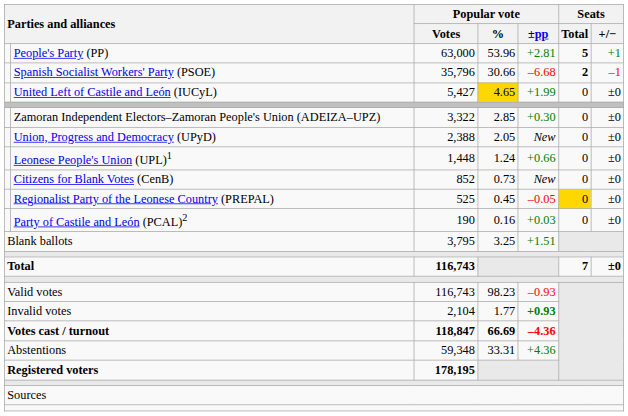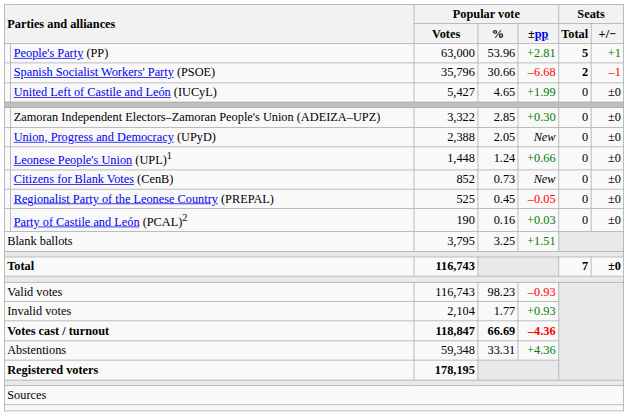 <table class="wikitable" style="text-align:right;">
 <tr>
 <th style="text-align:left;" rowspan="2" colspan="2" width="525">Parties and alliances</th>
 <th colspan="3">Popular vote</th>
 <th colspan="2">Seats</th>
 </tr>
 <tr>
 <th width="75">Votes</th>
 <th width="45">%</th>
 <th width="45">±<a href='#'>pp</a></th>
 <th width="35">Total</th>
 <th width="35">+/−</th>
 </tr>
 <tr>
 <td width="1" style="color:inherit;background:"></td>
 <td align="left"><a href='#'>People's Party</a> (PP)</td>
 <td>63,000</td>
 <td>53.96</td>
 <td style="color:green;">+2.81</td>
 <td><strong>5</strong></td>
 <td style="color:green;">+1</td>
 </tr>
 <tr>
 <td style="color:inherit;background:"></td>
 <td align="left"><a href='#'>Spanish Socialist Workers' Party</a> (PSOE)</td>
 <td>35,796</td>
 <td>30.66</td>
 <td style="color:red;">–6.68</td>
 <td><strong>2</strong></td>
 <td style="color:red;">–1</td>
 </tr>
 <tr>
 <td style="color:inherit;background:"></td>
 <td align="left"><a href='#'>United Left of Castile and León</a> (IUCyL)</td>
 <td>5,427</td>
-<td style="background: gold;">4.65</td>
+<td>4.65</td>
 <td style="color:green;">+1.99</td>
 <td>0</td>
 <td>±0</td>
 </tr>
 <tr>
 <td colspan="7" bgcolor="#C0C0C0"></td>
 </tr>
 <tr>
 <td style="color:inherit;background:"></td>
 <td align="left">Zamoran Independent Electors–Zamoran People's Union (ADEIZA–UPZ)</td>
 <td>3,322</td>
 <td>2.85</td>
 <td style="color:green;">+0.30</td>
 <td>0</td>
 <td>±0</td>
 </tr>
 <tr>
 <td style="color:inherit;background:"></td>
 <td align="left"><a href='#'>Union, Progress and Democracy</a> (UPyD)</td>
 <td>2,388</td>
 <td>2.05</td>
 <td><em>New</em></td>
 <td>0</td>
 <td>±0</td>
 </tr>
 <tr>
 <td style="color:inherit;background:"></td>
 <td align="left"><a href='#'>Leonese People's Union</a> (UPL)<sup>1</sup></td>
 <td>1,448</td>
 <td>1.24</td>
 <td style="color:green;">+0.66</td>
 <td>0</td>
 <td>±0</td>
 </tr>
 <tr>
 <td style="color:inherit;background:"></td>
 <td align="left"><a href='#'>Citizens for Blank Votes</a> (CenB)</td>
 <td>852</td>
 <td>0.73</td>
 <td><em>New</em></td>
 <td>0</td>
 <td>±0</td>
 </tr>
 <tr>
 <td style="color:inherit;background:"></td>
 <td align="left"><a href='#'>Regionalist Party of the Leonese Country</a> (PREPAL)</td>
 <td>525</td>
 <td>0.45</td>
 <td style="color:red;">–0.05</td>
-<td style="background: gold;">0</td>
+<td>0</td>
 <td>±0</td>
 </tr>
 <tr>
 <td style="color:inherit;background:"></td>
 <td align="left"><a href='#'>Party of Castile and León</a> (PCAL)<sup>2</sup></td>
 <td>190</td>
 <td>0.16</td>
 <td style="color:green;">+0.03</td>
 <td>0</td>
 <td>±0</td>
 </tr>
 <tr>
 <td align="left" colspan="2">Blank ballots</td>
 <td>3,795</td>
 <td>3.25</td>
 <td style="color:green;">+1.51</td>
 <td bgcolor="#E9E9E9" colspan="2"></td>
 </tr>
 <tr>
 <td colspan="7" bgcolor="#E9E9E9"></td>
 </tr>
 <tr style="font-weight:bold;">
 <td align="left" colspan="2">Total</td>
 <td>116,743</td>
 <td bgcolor="#E9E9E9" colspan="2"></td>
 <td>7</td>
 <td>±0</td>
 </tr>
 <tr>
 <td colspan="7" bgcolor="#E9E9E9"></td>
 </tr>
 <tr>
 <td align="left" colspan="2">Valid votes</td>
 <td>116,743</td>
 <td>98.23</td>
 <td style="color:red;">–0.93</td>
 <td bgcolor="#E9E9E9" colspan="2" rowspan="5"></td>
 </tr>
 <tr>
 <td align="left" colspan="2">Invalid votes</td>
 <td>2,104</td>
 <td>1.77</td>
-<td style="color:green;"><strong>+0.93</strong></td>
+<td style="color:green;">+0.93</td>
 </tr>
 <tr style="font-weight:bold;">
 <td align="left" colspan="2">Votes cast / turnout</td>
 <td>118,847</td>
 <td>66.69</td>
 <td style="color:red;">–4.36</td>
 </tr>
 <tr>
 <td align="left" colspan="2">Abstentions</td>
 <td>59,348</td>
 <td>33.31</td>
 <td style="color:green;">+4.36</td>
 </tr>
 <tr style="font-weight:bold;">
 <td align="left" colspan="2">Registered voters</td>
 <td>178,195</td>
 <td bgcolor="#E9E9E9" colspan="2"></td>
 </tr>
 <tr>
 <td colspan="7" bgcolor="#E9E9E9"></td>
 </tr>
 <tr>
 <td align="left" colspan="7">Sources</td>
 </tr>
 <tr>
 <td colspan="7" style="text-align:left; max-width:790px;"></td>
 </tr>
 </table>
